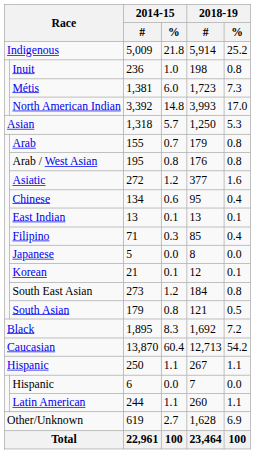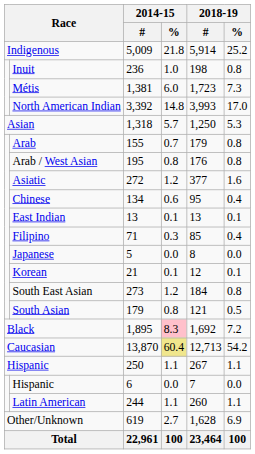 <table class="wikitable">
 <tr>
 <th colspan="2" rowspan="2">Race</th>
 <th colspan="2">2014-15</th>
 <th colspan="2">2018-19</th>
 </tr>
 <tr>
 <th>#</th>
 <th>%</th>
 <th>#</th>
 <th>%</th>
 </tr>
 <tr>
 <td colspan="2"><a href='#'>Indigenous</a></td>
 <td>5,009</td>
 <td>21.8</td>
 <td>5,914</td>
 <td>25.2</td>
 </tr>
 <tr>
 <td rowspan="3"></td>
 <td><a href='#'>Inuit</a></td>
 <td>236</td>
 <td>1.0</td>
 <td>198</td>
 <td>0.8</td>
 </tr>
 <tr>
 <td><a href='#'>Métis</a></td>
 <td>1,381</td>
 <td>6.0</td>
 <td>1,723</td>
 <td>7.3</td>
 </tr>
 <tr>
 <td><a href='#'>North American Indian</a></td>
 <td>3,392</td>
 <td>14.8</td>
 <td>3,993</td>
 <td>17.0</td>
 </tr>
 <tr>
 <td colspan="2"><a href='#'>Asian</a></td>
 <td>1,318</td>
 <td>5.7</td>
 <td>1,250</td>
 <td>5.3</td>
 </tr>
 <tr>
 <td rowspan="10"></td>
 <td><a href='#'>Arab</a></td>
 <td>155</td>
 <td>0.7</td>
 <td>179</td>
 <td>0.8</td>
 </tr>
 <tr>
 <td>Arab / <a href='#'>West Asian</a></td>
 <td>195</td>
 <td>0.8</td>
 <td>176</td>
 <td>0.8</td>
 </tr>
 <tr>
 <td><a href='#'>Asiatic</a></td>
 <td>272</td>
 <td>1.2</td>
 <td>377</td>
 <td>1.6</td>
 </tr>
 <tr>
 <td><a href='#'>Chinese</a></td>
 <td>134</td>
 <td>0.6</td>
 <td>95</td>
 <td>0.4</td>
 </tr>
 <tr>
 <td><a href='#'>East Indian</a></td>
 <td>13</td>
 <td>0.1</td>
 <td>13</td>
 <td>0.1</td>
 </tr>
 <tr>
 <td><a href='#'>Filipino</a></td>
 <td>71</td>
 <td>0.3</td>
 <td>85</td>
 <td>0.4</td>
 </tr>
 <tr>
 <td><a href='#'>Japanese</a></td>
 <td>5</td>
 <td>0.0</td>
 <td>8</td>
 <td>0.0</td>
 </tr>
 <tr>
 <td><a href='#'>Korean</a></td>
 <td>21</td>
 <td>0.1</td>
 <td>12</td>
 <td>0.1</td>
 </tr>
 <tr>
 <td>South East Asian</td>
 <td>273</td>
 <td>1.2</td>
 <td>184</td>
 <td>0.8</td>
 </tr>
 <tr>
 <td><a href='#'>South Asian</a></td>
 <td>179</td>
 <td>0.8</td>
 <td>121</td>
 <td>0.5</td>
 </tr>
 <tr>
 <td colspan="2"><a href='#'>Black</a></td>
 <td>1,895</td>
-<td>8.3</td>
+<td style="background: pink;">8.3</td>
 <td>1,692</td>
 <td>7.2</td>
 </tr>
 <tr>
 <td colspan="2"><a href='#'>Caucasian</a></td>
 <td>13,870</td>
-<td>60.4</td>
+<td style="background: khaki;">60.4</td>
 <td>12,713</td>
 <td>54.2</td>
 </tr>
 <tr>
 <td colspan="2"><a href='#'>Hispanic</a></td>
 <td>250</td>
 <td>1.1</td>
 <td>267</td>
 <td>1.1</td>
 </tr>
 <tr>
 <td rowspan="2"></td>
 <td>Hispanic</td>
 <td>6</td>
 <td>0.0</td>
 <td>7</td>
 <td>0.0</td>
 </tr>
 <tr>
 <td><a href='#'>Latin American</a></td>
 <td>244</td>
 <td>1.1</td>
 <td>260</td>
 <td>1.1</td>
 </tr>
 <tr>
 <td colspan="2">Other/Unknown</td>
 <td>619</td>
 <td>2.7</td>
 <td>1,628</td>
 <td>6.9</td>
 </tr>
 <tr>
 <th colspan="2">Total</th>
 <th>22,961</th>
 <th>100</th>
 <th>23,464</th>
 <th>100</th>
 </tr>
 </table>
